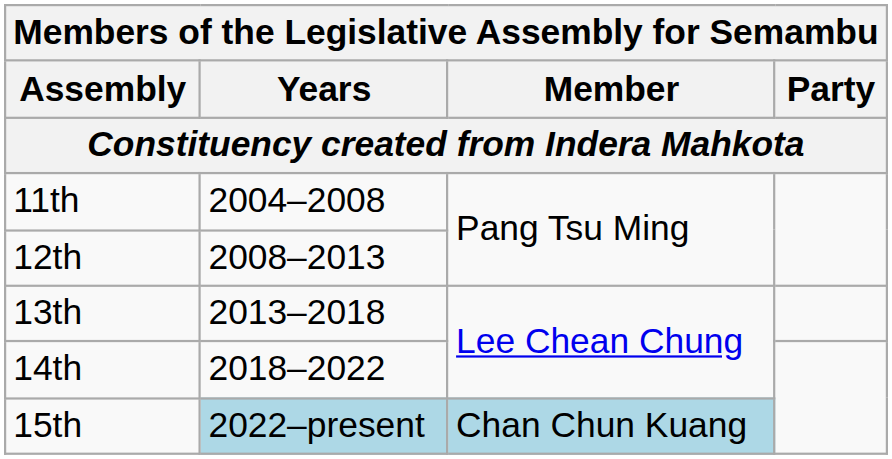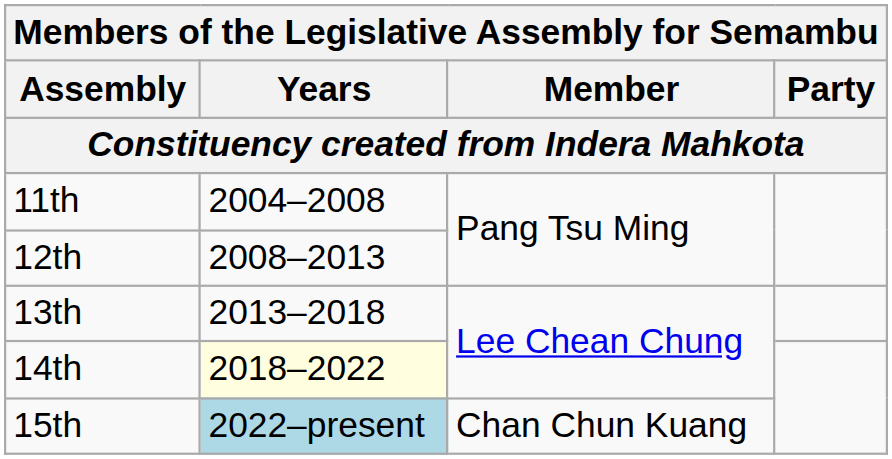 <table class="wikitable">
 <tr>
 <th colspan="4">Members of the Legislative Assembly for Semambu</th>
 </tr>
 <tr>
 <th>Assembly</th>
 <th>Years</th>
 <th>Member</th>
 <th>Party</th>
 </tr>
 <tr>
 <th colspan="4" align="center"><em>Constituency created from Indera Mahkota</em></th>
 </tr>
 <tr>
 <td>11th</td>
 <td>2004–2008</td>
 <td rowspan=2>Pang Tsu Ming</td>
 <td rowspan=2></td>
 </tr>
 <tr>
 <td>12th</td>
 <td>2008–2013</td>
 </tr>
 <tr>
 <td>13th</td>
 <td>2013–2018</td>
 <td rowspan=2><a href='#'>Lee Chean Chung</a></td>
 <td></td>
 </tr>
 <tr>
 <td>14th</td>
-<td>2018–2022</td>
+<td style="background: lightyellow;">2018–2022</td>
 <td rowspan=2></td>
 </tr>
 <tr>
 <td>15th</td>
 <td style="background: lightblue;">2022–present</td>
-<td style="background: lightblue;">Chan Chun Kuang</td>
+<td>Chan Chun Kuang</td>
 </tr>
 </table>
